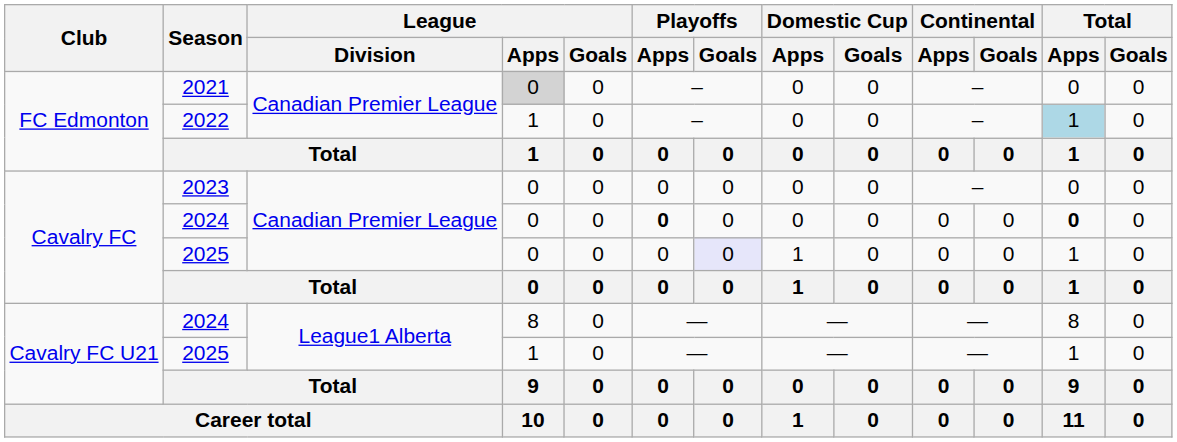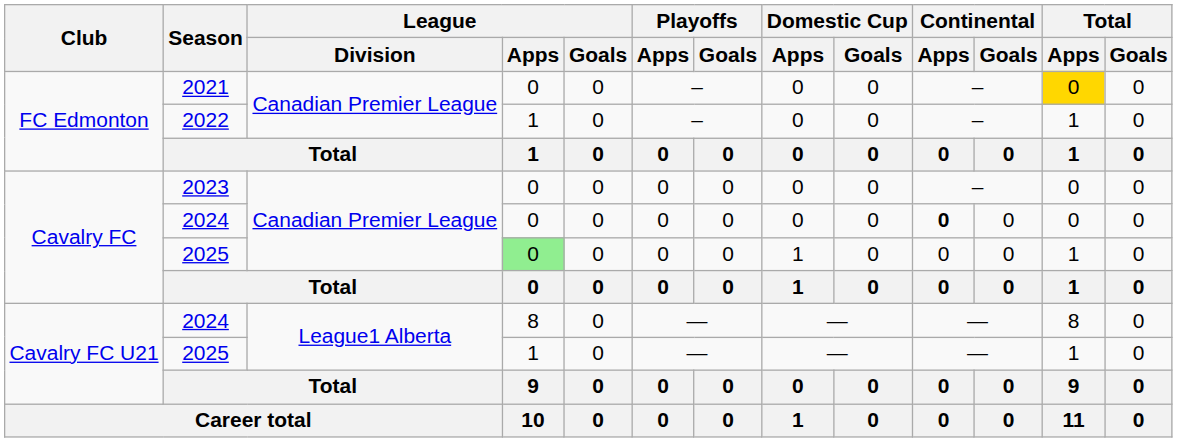 <table class="wikitable" style="text-align: center">
 <tr>
 <th rowspan="2">Club</th>
 <th rowspan="2">Season</th>
 <th colspan="3">League</th>
 <th colspan="2">Playoffs</th>
 <th colspan="2">Domestic Cup</th>
 <th colspan="2">Continental</th>
 <th colspan="2">Total</th>
 </tr>
 <tr>
 <th>Division</th>
 <th>Apps</th>
 <th>Goals</th>
 <th>Apps</th>
 <th>Goals</th>
 <th>Apps</th>
 <th>Goals</th>
 <th>Apps</th>
 <th>Goals</th>
 <th>Apps</th>
 <th>Goals</th>
 </tr>
 <tr>
 <td rowspan=3><a href='#'>FC Edmonton</a></td>
 <td><a href='#'>2021</a></td>
 <td rowspan=2><a href='#'>Canadian Premier League</a></td>
-<td style="background: lightgrey;">0</td>
+<td>0</td>
 <td>0</td>
 <td colspan="2">–</td>
 <td>0</td>
 <td>0</td>
 <td colspan="2">–</td>
-<td>0</td>
+<td style="background: gold;">0</td>
 <td>0</td>
 </tr>
 <tr>
 <td><a href='#'>2022</a></td>
 <td>1</td>
 <td>0</td>
 <td colspan="2">–</td>
 <td>0</td>
 <td>0</td>
 <td colspan="2">–</td>
-<td style="background: lightblue;">1</td>
+<td>1</td>
 <td>0</td>
 </tr>
 <tr>
 <th colspan="2">Total</th>
 <th>1</th>
 <th>0</th>
 <th>0</th>
 <th>0</th>
 <th>0</th>
 <th>0</th>
 <th>0</th>
 <th>0</th>
 <th>1</th>
 <th>0</th>
 </tr>
 <tr>
 <td rowspan="4"><a href='#'>Cavalry FC</a></td>
 <td><a href='#'>2023</a></td>
 <td rowspan="3"><a href='#'>Canadian Premier League</a></td>
 <td>0</td>
 <td>0</td>
 <td>0</td>
 <td>0</td>
 <td>0</td>
 <td>0</td>
 <td colspan="2">–</td>
 <td>0</td>
 <td>0</td>
 </tr>
 <tr>
 <td><a href='#'>2024</a></td>
 <td>0</td>
 <td>0</td>
-<td><strong>0</strong></td>
-<td>0</td>
 <td>0</td>
 <td>0</td>
 <td>0</td>
 <td>0</td>
 <td><strong>0</strong></td>
 <td>0</td>
+<td>0</td>
+<td>0</td>
 </tr>
 <tr>
 <td><a href='#'>2025</a></td>
+<td style="background: lightgreen;">0</td>
 <td>0</td>
 <td>0</td>
 <td>0</td>
-<td style="background: lavender;">0</td>
 <td>1</td>
 <td>0</td>
 <td>0</td>
 <td>0</td>
 <td>1</td>
 <td>0</td>
 </tr>
 <tr>
 <th colspan="2">Total</th>
 <th>0</th>
 <th>0</th>
 <th>0</th>
 <th>0</th>
 <th>1</th>
 <th>0</th>
 <th>0</th>
 <th>0</th>
 <th>1</th>
 <th>0</th>
 </tr>
 <tr>
 <td rowspan="3"><a href='#'>Cavalry FC U21</a></td>
 <td><a href='#'>2024</a></td>
 <td rowspan="2"><a href='#'>League1 Alberta</a></td>
 <td>8</td>
 <td>0</td>
 <td colspan="2">—</td>
 <td colspan="2">—</td>
 <td colspan="2">—</td>
 <td>8</td>
 <td>0</td>
 </tr>
 <tr>
 <td><a href='#'>2025</a></td>
 <td>1</td>
 <td>0</td>
 <td colspan="2">—</td>
 <td colspan="2">—</td>
 <td colspan="2">—</td>
 <td>1</td>
 <td>0</td>
 </tr>
 <tr>
 <th colspan="2">Total</th>
 <th>9</th>
 <th>0</th>
 <th>0</th>
 <th>0</th>
 <th>0</th>
 <th>0</th>
 <th>0</th>
 <th>0</th>
 <th>9</th>
 <th>0</th>
 </tr>
 <tr>
 <th colspan="3"><strong>Career total</strong></th>
 <th>10</th>
 <th>0</th>
 <th>0</th>
 <th>0</th>
 <th>1</th>
 <th>0</th>
 <th>0</th>
 <th>0</th>
 <th>11</th>
 <th>0</th>
 </tr>
 </table>
